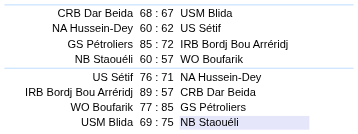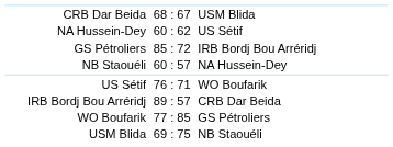 <table style="text-align:center" width=510>
 <tr>
 <th width=30%></th>
 <th width=10%></th>
 <th width=30%></th>
 <th width=10%></th>
 </tr>
 <tr align="left" bgcolor=#D0E7FF>
 <td colspan=4></td>
 </tr>
 <tr>
 <td align="right">CRB Dar Beida</td>
 <td>68 : 67</td>
 <td align=left>USM Blida</td>
 </tr>
 <tr>
 <td align="right">NA Hussein-Dey</td>
 <td>60 : 62</td>
 <td align=left>US Sétif</td>
 </tr>
 <tr>
 <td align="right">GS Pétroliers</td>
 <td>85 : 72</td>
 <td align=left>IRB Bordj Bou Arréridj</td>
 </tr>
 <tr>
 <td align="right">NB Staouéli</td>
 <td>60 : 57</td>
-<td align=left>WO Boufarik</td>
+<td align=left>NA Hussein-Dey</td>
 </tr>
 <tr align="left" bgcolor=#D0E7FF>
 <td colspan=4></td>
 </tr>
 <tr>
 <td align="right">US Sétif</td>
 <td>76 : 71</td>
-<td align=left>NA Hussein-Dey</td>
+<td align=left>WO Boufarik</td>
 </tr>
 <tr>
 <td align="right">IRB Bordj Bou Arréridj</td>
 <td>89 : 57</td>
 <td align=left>CRB Dar Beida</td>
 </tr>
 <tr>
 <td align="right">WO Boufarik</td>
 <td>77 : 85</td>
 <td align=left>GS Pétroliers</td>
 </tr>
 <tr>
 <td align="right">USM Blida</td>
 <td>69 : 75</td>
-<td align=left style="background: lavender;">NB Staouéli</td>
+<td align=left>NB Staouéli</td>
 </tr>
 </table>
